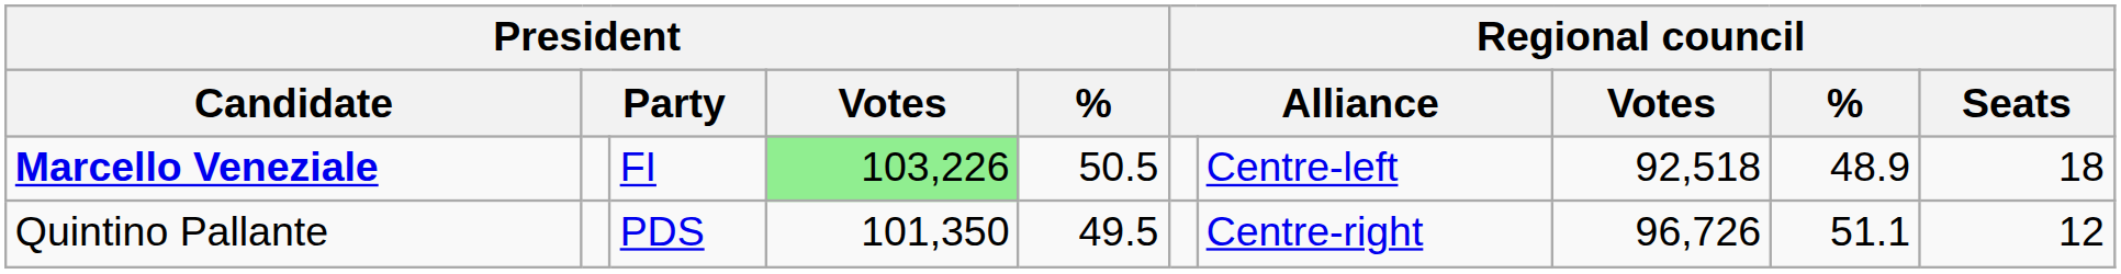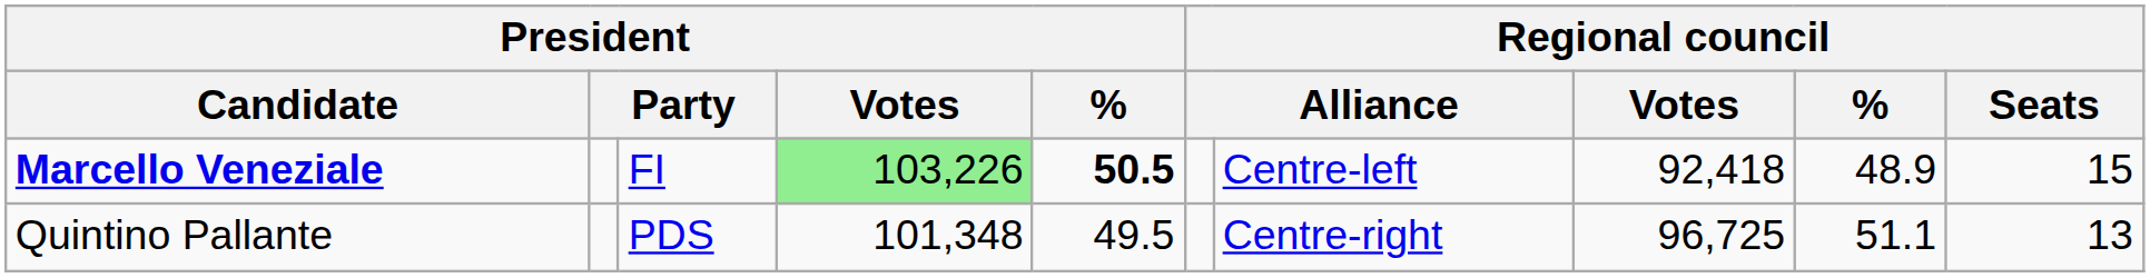 <table class="wikitable" style="text-align:right; style="width=65%">
 <tr>
 <th colspan="5">President</th>
 <th colspan="7">Regional council</th>
 </tr>
 <tr>
 <th>Candidate</th>
 <th colspan="2">Party</th>
 <th>Votes</th>
 <th>%</th>
 <th colspan="2">Alliance</th>
 <th>Votes</th>
 <th>%</th>
 <th>Seats</th>
 </tr>
 <tr>
 <td style="text-align:left"><strong><a href='#'>Marcello Veneziale</a></strong></td>
 <td></td>
 <td style="text-align:left"><a href='#'>FI</a></td>
 <td style="background: lightgreen;">103,226</td>
-<td>50.5</td>
+<td><strong>50.5</strong></td>
 <td></td>
 <td style="text-align:left"><a href='#'>Centre-left</a></td>
-<td>92,518</td>
+<td>92,418</td>
 <td>48.9</td>
-<td>18</td>
+<td>15</td>
 </tr>
 <tr>
 <td style="text-align:left">Quintino Pallante</td>
 <td></td>
 <td style="text-align:left"><a href='#'>PDS</a></td>
-<td>101,350</td>
+<td>101,348</td>
 <td>49.5</td>
 <td></td>
 <td style="text-align:left"><a href='#'>Centre-right</a></td>
-<td>96,726</td>
+<td>96,725</td>
 <td>51.1</td>
-<td>12</td>
+<td>13</td>
 </tr>
 </table>
